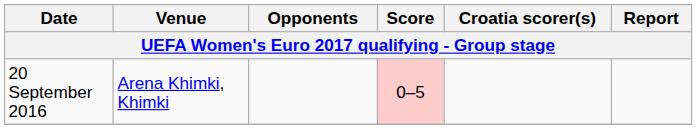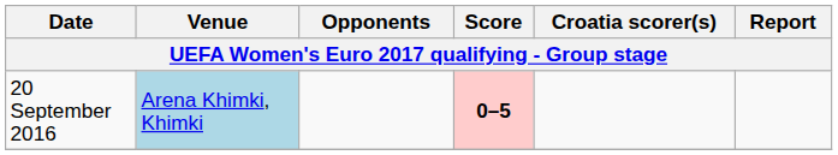 <table class="wikitable" style="font-size:95%;">
 <tr>
 <th width=125>Date</th>
 <th width=260>Venue</th>
 <th width=170>Opponents</th>
 <th width= 75>Score</th>
 <th width=320>Croatia scorer(s)</th>
 <th width=100>Report</th>
 </tr>
 <tr>
 <th colspan=7><a href='#'>UEFA Women's Euro 2017 qualifying - Group stage</a></th>
 </tr>
 <tr>
 <td>20 September 2016</td>
-<td><a href='#'>Arena Khimki</a>, <a href='#'>Khimki</a></td>
+<td style="background: lightblue;"><a href='#'>Arena Khimki</a>, <a href='#'>Khimki</a></td>
 <td></td>
-<td align=center bgcolor=#FFCCCC>0–5</td>
+<td align=center bgcolor=#FFCCCC><strong>0–5</strong></td>
 <td></td>
 <td></td>
 </tr>
 <tr>
 </tr>
 </table>
